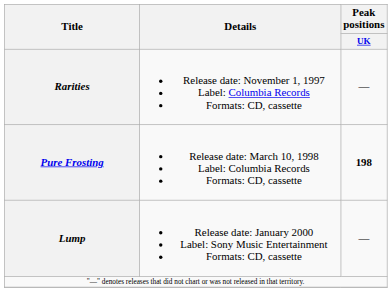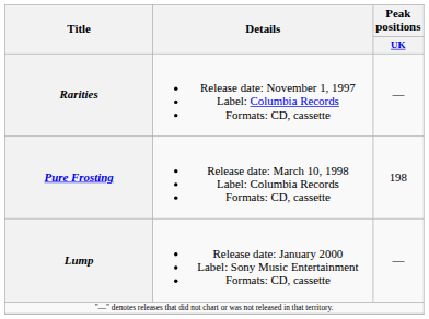 <table class="wikitable plainrowheaders" style="text-align:center;">
 <tr>
 <th rowspan="2" style="width:12em;">Title</th>
 <th rowspan="2" style="width:18em;">Details</th>
 <th colspan="1">Peak positions</th>
 </tr>
 <tr style="font-size:smaller;">
 <th width="60"><a href='#'>UK</a><br></th>
 </tr>
 <tr>
 <th scope="row"><em>Rarities</em></th>
 <td><br><ul><li>Release date: November 1, 1997</li><li>Label: <a href='#'>Columbia Records</a></li><li>Formats: CD, cassette</li></ul></td>
 <td>—</td>
 </tr>
 <tr>
 <th scope="row"><em><a href='#'>Pure Frosting</a></em></th>
 <td><br><ul><li>Release date: March 10, 1998</li><li>Label: Columbia Records</li><li>Formats: CD, cassette</li></ul></td>
-<td><strong>198</strong></td>
+<td>198</td>
 </tr>
 <tr>
 <th scope="row"><em>Lump</em></th>
 <td><br><ul><li>Release date: January 2000</li><li>Label: Sony Music Entertainment</li><li>Formats: CD, cassette</li></ul></td>
 <td>—</td>
 </tr>
 <tr>
 <td colspan="10" style="font-size:8pt">"—" denotes releases that did not chart or was not released in that territory.</td>
 </tr>
 <tr>
 </tr>
 </table>
